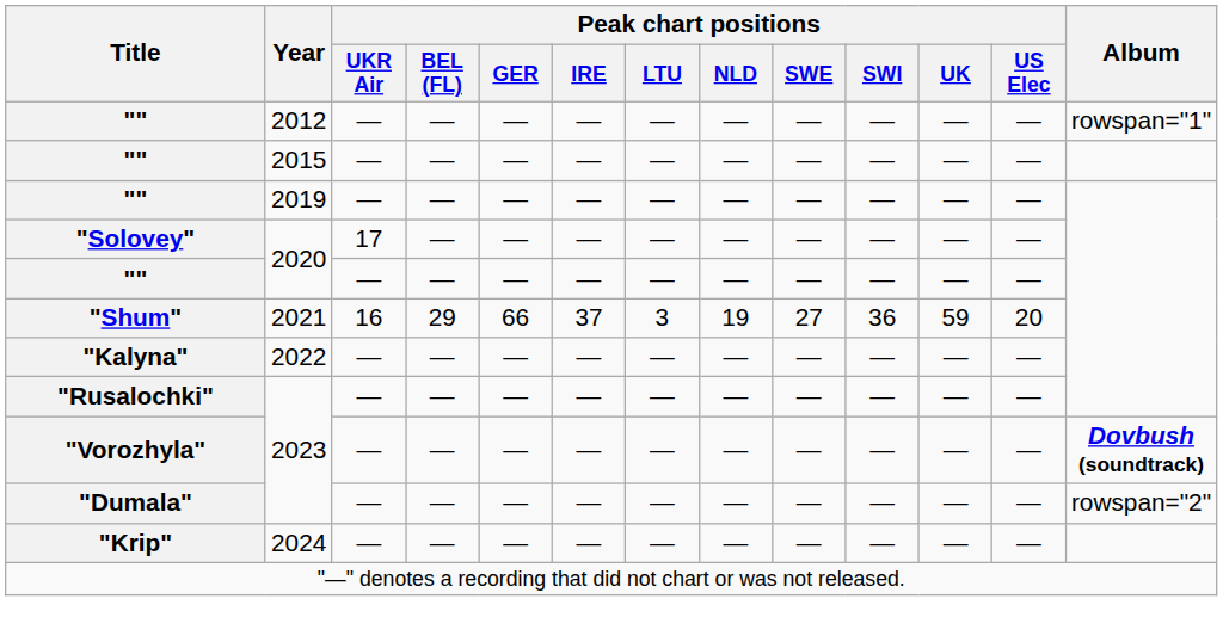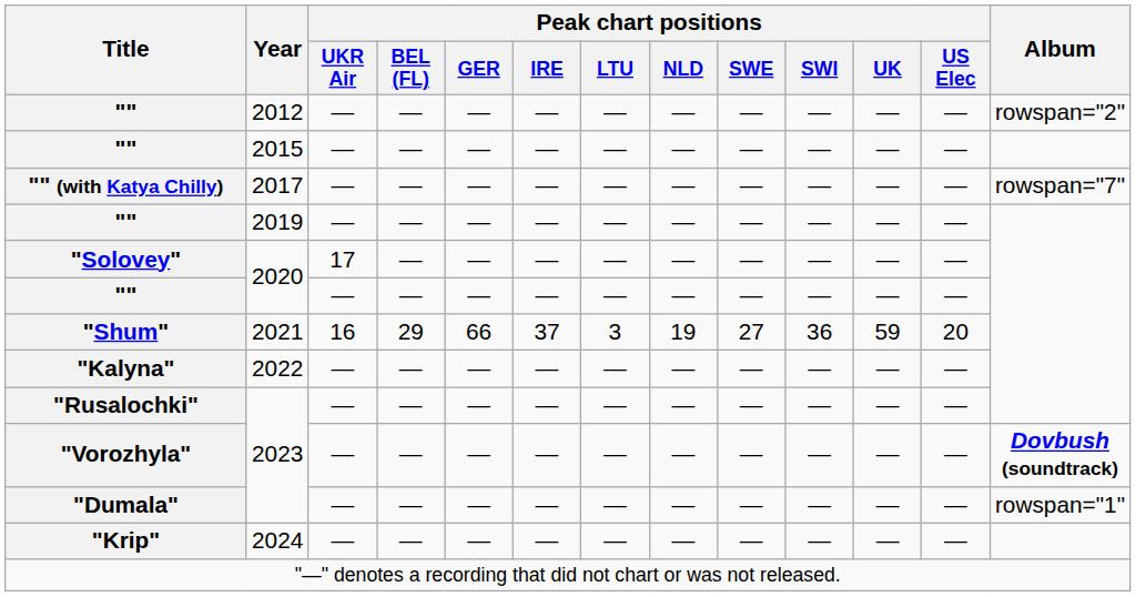 <table class="wikitable plainrowheaders" style="text-align:center;">
 <tr>
 <th scope="col" rowspan="2" style="width:10em;">Title</th>
 <th scope="col" rowspan="2" style="width:1em;">Year</th>
 <th scope="col" colspan="10">Peak chart positions</th>
 <th scope="col" rowspan="2">Album</th>
 </tr>
 <tr>
 <th scope="col" style="width:3em;font-size:85%"><a href='#'>UKR<br>Air</a><br></th>
 <th scope="col" style="width:3em;font-size:85%"><a href='#'>BEL<br>(FL)</a><br></th>
 <th style="width:3em;font-size:85%"><a href='#'>GER</a><br></th>
 <th scope="col" style="width:3em;font-size:85%"><a href='#'>IRE</a><br></th>
 <th scope="col" style="width:3em;font-size:85%"><a href='#'>LTU</a><br></th>
 <th scope="col" style="width:3em;font-size:85%"><a href='#'>NLD</a><br></th>
 <th scope="col" style="width:3em;font-size:85%"><a href='#'>SWE</a><br></th>
 <th scope="col" style="width:3em;font-size:85%"><a href='#'>SWI</a><br></th>
 <th scope="col" style="width:3em;font-size:85%"><a href='#'>UK</a><br></th>
 <th scope="col" style="width:3em;font-size:85%"><a href='#'>US Elec</a><br> </th>
 </tr>
 <tr>
 <th scope="row">""</th>
 <td>2012</td>
 <td>—</td>
 <td>—</td>
 <td>—</td>
 <td>—</td>
 <td>—</td>
 <td>—</td>
 <td>—</td>
 <td>—</td>
 <td>—</td>
 <td>—</td>
-<td>rowspan="1" </td>
+<td>rowspan="2" </td>
 </tr>
 <tr>
 <th scope="row">""</th>
 <td>2015</td>
 <td>—</td>
 <td>—</td>
 <td>—</td>
 <td>—</td>
 <td>—</td>
 <td>—</td>
 <td>—</td>
 <td>—</td>
 <td>—</td>
 <td>—</td>
 <td><em></em></td>
+</tr>
+<tr>
+<th scope="row">"" <small>(with <a href='#'>Katya Chilly</a>)</small></th>
+<td>2017</td>
+<td>—</td>
+<td>—</td>
+<td>—</td>
+<td>—</td>
+<td>—</td>
+<td>—</td>
+<td>—</td>
+<td>—</td>
+<td>—</td>
+<td>—</td>
+<td>rowspan="7" </td>
 </tr>
 <tr>
 <th scope="row">""</th>
 <td>2019</td>
 <td>—</td>
 <td>—</td>
 <td>—</td>
 <td>—</td>
 <td>—</td>
 <td>—</td>
 <td>—</td>
 <td>—</td>
 <td>—</td>
 <td>—</td>
 </tr>
 <tr>
 <th scope="row">"<a href='#'>Solovey</a>"</th>
 <td rowspan="2">2020</td>
 <td>17</td>
 <td>—</td>
 <td>—</td>
 <td>—</td>
 <td>—</td>
 <td>—</td>
 <td>—</td>
 <td>—</td>
 <td>—</td>
 <td>—</td>
 </tr>
 <tr>
 <th scope="row">""</th>
 <td>—</td>
 <td>—</td>
 <td>—</td>
 <td>—</td>
 <td>—</td>
 <td>—</td>
 <td>—</td>
 <td>—</td>
 <td>—</td>
 <td>—</td>
 </tr>
 <tr>
 <th scope="row">"<a href='#'>Shum</a>"</th>
 <td>2021</td>
 <td>16</td>
 <td>29</td>
 <td>66</td>
 <td>37<br></td>
 <td>3</td>
 <td>19</td>
 <td>27</td>
 <td>36</td>
 <td>59</td>
 <td>20</td>
 </tr>
 <tr>
 <th scope="row">"Kalyna"</th>
 <td>2022</td>
 <td>—</td>
 <td>—</td>
 <td>—</td>
 <td>—</td>
 <td>—</td>
 <td>—</td>
 <td>—</td>
 <td>—</td>
 <td>—</td>
 <td>—</td>
 </tr>
 <tr>
 <th scope="row">"Rusalochki"</th>
 <td rowspan="3">2023</td>
 <td>—</td>
 <td>—</td>
 <td>—</td>
 <td>—</td>
 <td>—</td>
 <td>—</td>
 <td>—</td>
 <td>—</td>
 <td>—</td>
 <td>—</td>
 </tr>
 <tr>
 <th scope="row">"Vorozhyla"</th>
 <td>—</td>
 <td>—</td>
 <td>—</td>
 <td>—</td>
 <td>—</td>
 <td>—</td>
 <td>—</td>
 <td>—</td>
 <td>—</td>
 <td>—</td>
 <td><strong><em><a href='#'>Dovbush</a></em><br><small>(soundtrack)</small></strong></td>
 </tr>
 <tr>
 <th scope="row">"Dumala"</th>
 <td>—</td>
 <td>—</td>
 <td>—</td>
 <td>—</td>
 <td>—</td>
 <td>—</td>
 <td>—</td>
 <td>—</td>
 <td>—</td>
 <td>—</td>
-<td>rowspan="2" </td>
+<td>rowspan="1" </td>
 </tr>
 <tr>
 <th scope="row">"Krip"</th>
 <td>2024</td>
 <td>—</td>
 <td>—</td>
 <td>—</td>
 <td>—</td>
 <td>—</td>
 <td>—</td>
 <td>—</td>
 <td>—</td>
 <td>—</td>
 <td>—</td>
 </tr>
 <tr>
 <td colspan="13" style="font-size:85%;">"—" denotes a recording that did not chart or was not released.</td>
 </tr>
 </table>
